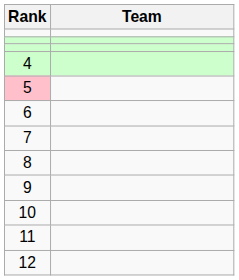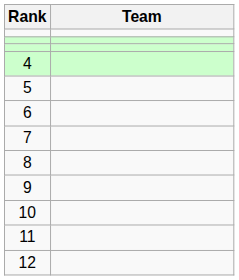 <table class=wikitable style="text-align:center;">
 <tr>
 <th>Rank</th>
 <th width=180>Team</th>
 </tr>
 <tr>
 <td></td>
 <td align=left></td>
 </tr>
 <tr bgcolor=ccffcc>
 <td></td>
 <td align=left></td>
 </tr>
 <tr bgcolor=ccffcc>
 <td></td>
 <td align=left></td>
 </tr>
 <tr bgcolor=ccffcc>
 <td>4</td>
 <td align=left></td>
 </tr>
 <tr>
-<td style="background: pink;">5</td>
+<td>5</td>
 <td align=left></td>
 </tr>
 <tr>
 <td>6</td>
 <td align=left></td>
 </tr>
 <tr>
 <td>7</td>
 <td align=left></td>
 </tr>
 <tr>
 <td>8</td>
 <td align=left></td>
 </tr>
 <tr>
 <td>9</td>
 <td align=left></td>
 </tr>
 <tr>
 <td>10</td>
 <td align=left></td>
 </tr>
 <tr>
 <td>11</td>
 <td align=left></td>
 </tr>
 <tr>
 <td>12</td>
 <td align=left></td>
 </tr>
 </table>
